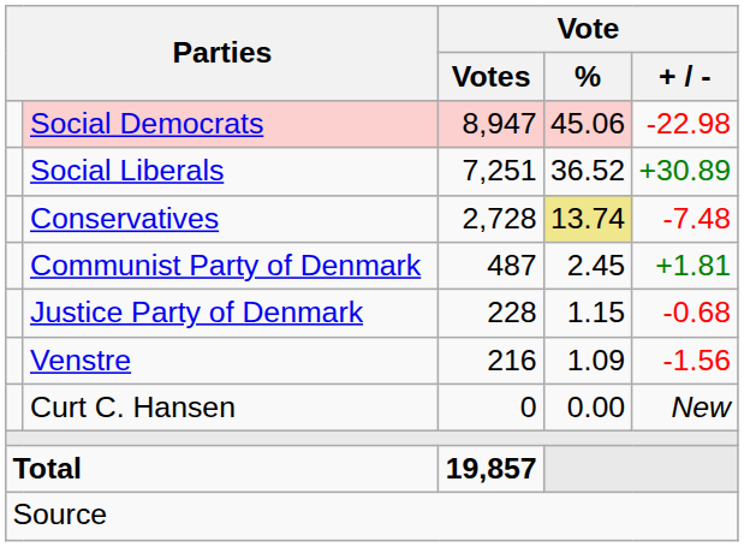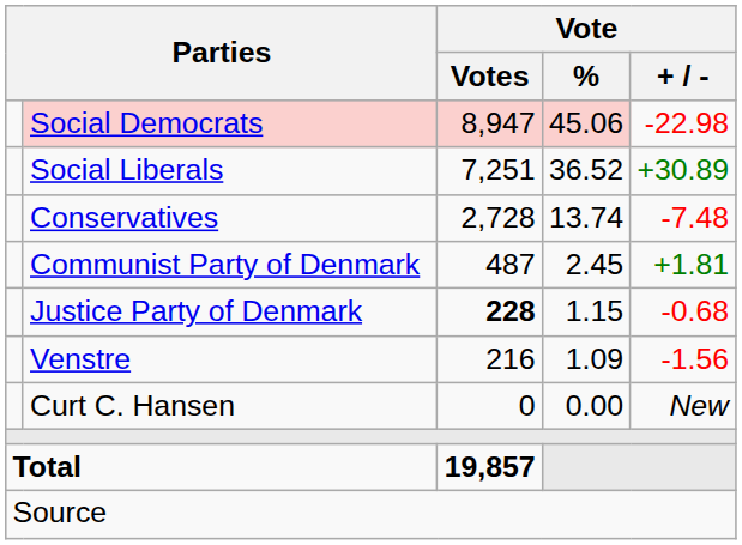 <table class="wikitable" style="text-align:right;">
 <tr>
 <th style="text-align:centre;" rowspan="2" colspan="2" width="225">Parties</th>
 <th colspan="3">Vote</th>
 </tr>
 <tr>
 <th width="15">Votes</th>
 <th width="15">%</th>
 <th width="15">+ / -</th>
 </tr>
 <tr>
 <td width="2" style="color:inherit;background:"></td>
 <td bgcolor=#fbd0ce  align="left"><a href='#'>Social Democrats</a></td>
 <td bgcolor=#fbd0ce>8,947</td>
 <td bgcolor=#fbd0ce>45.06</td>
 <td style=color:red;>-22.98</td>
 </tr>
 <tr>
 <td width="2" style="color:inherit;background:"></td>
 <td align="left"><a href='#'>Social Liberals</a></td>
 <td>7,251</td>
 <td>36.52</td>
 <td style=color:green;>+30.89</td>
 </tr>
 <tr>
 <td width="2" style="color:inherit;background:"></td>
 <td align="left"><a href='#'>Conservatives</a></td>
 <td>2,728</td>
-<td style="background: khaki;">13.74</td>
+<td>13.74</td>
 <td style=color:red;>-7.48</td>
 </tr>
 <tr>
 <td width="2" style="color:inherit;background:"></td>
 <td align="left"><a href='#'>Communist Party of Denmark</a></td>
 <td>487</td>
 <td>2.45</td>
 <td style=color:green;>+1.81</td>
 </tr>
 <tr>
 <td width="2" style="color:inherit;background:"></td>
 <td align="left"><a href='#'>Justice Party of Denmark</a></td>
-<td>228</td>
+<td><strong>228</strong></td>
 <td>1.15</td>
 <td style=color:red;>-0.68</td>
 </tr>
 <tr>
 <td width="2" style="color:inherit;background:"></td>
 <td align="left"><a href='#'>Venstre</a></td>
 <td>216</td>
 <td>1.09</td>
 <td style=color:red;>-1.56</td>
 </tr>
 <tr>
 <td width="2" style="color:inherit;background:"></td>
 <td align="left">Curt C. Hansen</td>
 <td>0</td>
 <td>0.00</td>
 <td><em>New</em></td>
 </tr>
 <tr>
 <td colspan="7" bgcolor="#E9E9E9"></td>
 </tr>
 <tr>
 <td align="left" colspan="2"><strong>Total</strong></td>
 <td><strong>19,857</strong></td>
 <td bgcolor="#E9E9E9" colspan="2"></td>
 </tr>
 <tr>
 <td align="left" colspan="6">Source</td>
 </tr>
 </table>
